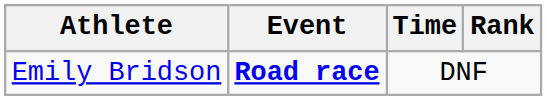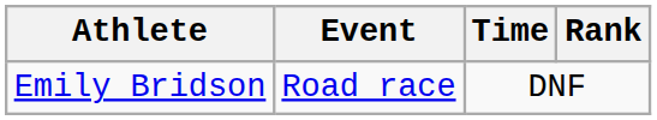 <table class=wikitable style="font-size:90%;">
 <tr>
 <th>Athlete</th>
 <th>Event</th>
 <th>Time</th>
 <th>Rank</th>
 </tr>
 <tr align=center>
 <td align=left><a href='#'>Emily Bridson</a></td>
-<td align=left rowspan=1><strong><a href='#'>Road race</a></strong></td>
+<td align=left rowspan=1><a href='#'>Road race</a></td>
 <td colspan=2>DNF</td>
 </tr>
 </table>
